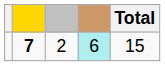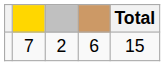 <table class="wikitable">
 <tr>
 <th></th>
 <th style="background-color:gold">        </th>
 <th style="background-color:silver">      </th>
 <th style="background-color:#CC9966">      </th>
 <th>Total</th>
 </tr>
 <tr align="center">
 <td></td>
-<td><strong>7</strong></td>
+<td>7</td>
 <td>2</td>
-<td style="background: paleturquoise;">6</td>
+<td>6</td>
 <td>15</td>
 </tr>
 </table>
